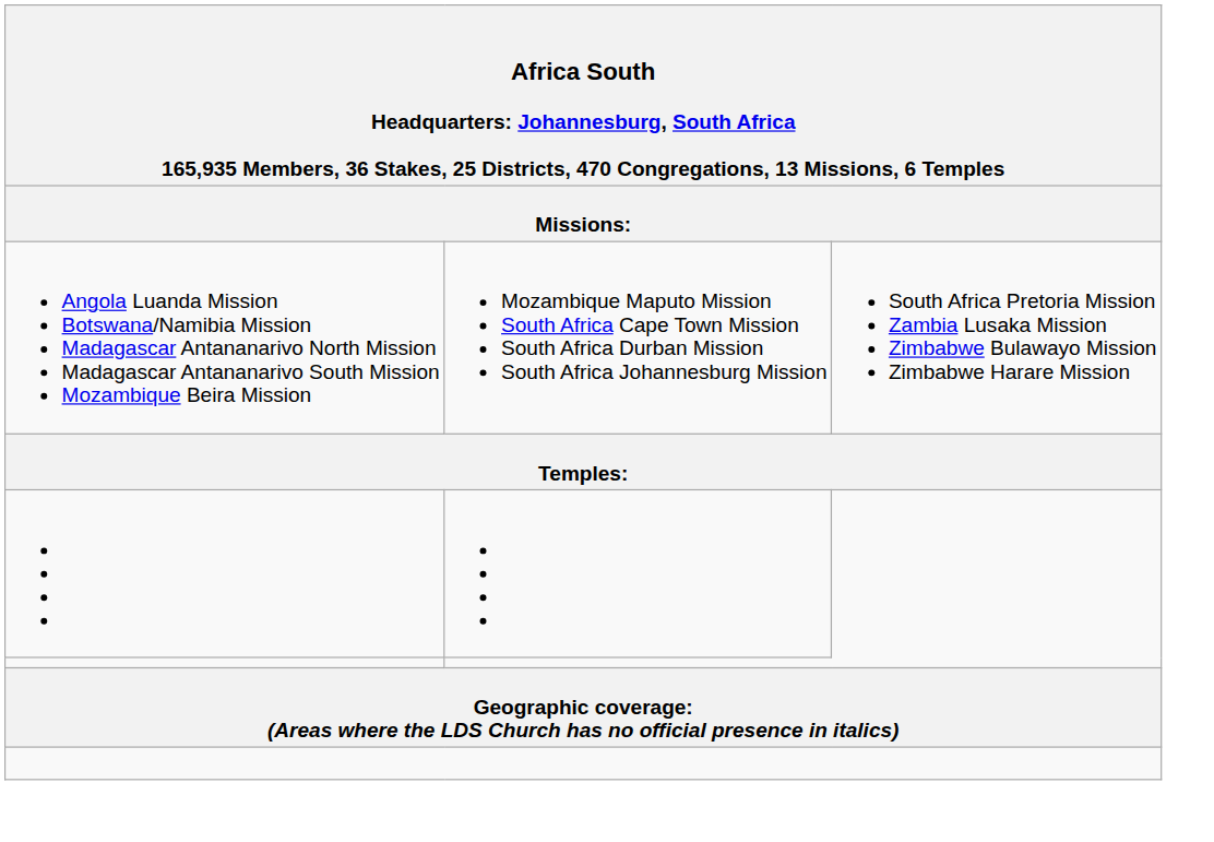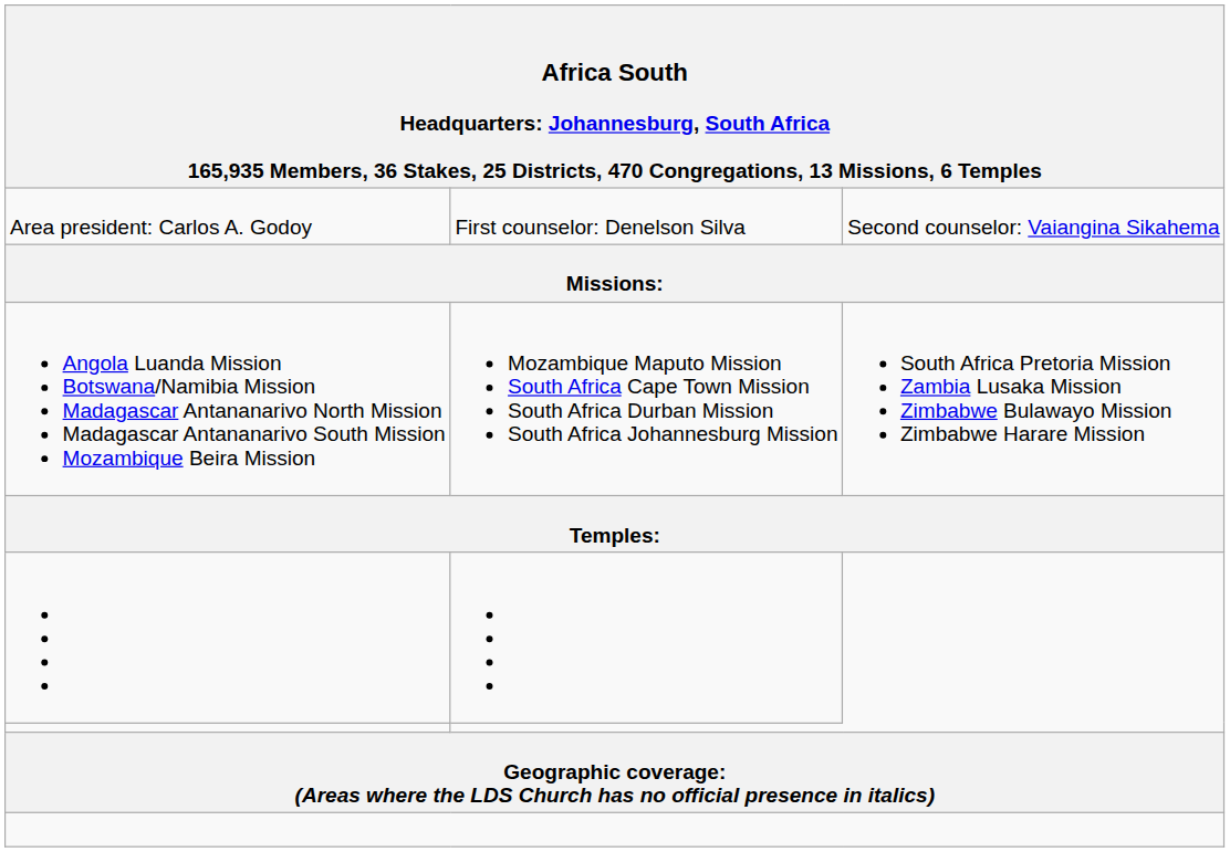 <table class=wikitable>
 <tr>
 <th colspan=3><br><h3>Africa South</h3>Headquarters: <a href='#'>Johannesburg</a>, <a href='#'>South Africa</a><br><br>165,935 Members, 36 Stakes, 25 Districts, 470 Congregations, 13 Missions, 6 Temples</th>
+</tr>
+<tr>
+<td style="vertical-align:top"><br>Area president: Carlos A. Godoy</td>
+<td style="vertical-align:top"><br>First counselor: Denelson Silva</td>
+<td style="vertical-align:top"><br>Second counselor: <a href='#'>Vaiangina Sikahema</a></td>
 </tr>
 <tr>
 <th colspan=3><br>Missions:</th>
 </tr>
 <tr>
 <td style="vertical-align:top"><br><ul><li><a href='#'>Angola</a> Luanda Mission</li><li><a href='#'>Botswana</a>/Namibia Mission</li><li><a href='#'>Madagascar</a> Antananarivo North Mission</li><li>Madagascar Antananarivo South Mission</li><li><a href='#'>Mozambique</a> Beira Mission</li></ul></td>
 <td style="vertical-align:top"><br><ul><li>Mozambique Maputo Mission</li><li><a href='#'>South Africa</a> Cape Town Mission</li><li>South Africa Durban Mission</li><li>South Africa Johannesburg Mission</li></ul></td>
 <td style="vertical-align:top"><br><ul><li>South Africa Pretoria Mission</li><li><a href='#'>Zambia</a> Lusaka Mission</li><li><a href='#'>Zimbabwe</a> Bulawayo Mission</li><li>Zimbabwe Harare Mission</li></ul></td>
 </tr>
 <tr>
 <th colspan=3><br>Temples:</th>
 </tr>
 <tr>
 <td style="vertical-align:top"><br><ul><li></li><li></li><li></li><li></li></ul></td>
 <td style="vertical-align:top"><br><ul><li></li><li></li><li></li><li></li></ul></td>
 </tr>
 <tr>
 <td style="vertical-align:top"></td>
 </tr>
 <tr>
 <th colspan=3><br>Geographic coverage:<br><em>(Areas where the LDS Church has no official presence in italics)</em></th>
 </tr>
 <tr>
 <td style="vertical-align:top" colspan=3><br></td>
 </tr>
 </table>
